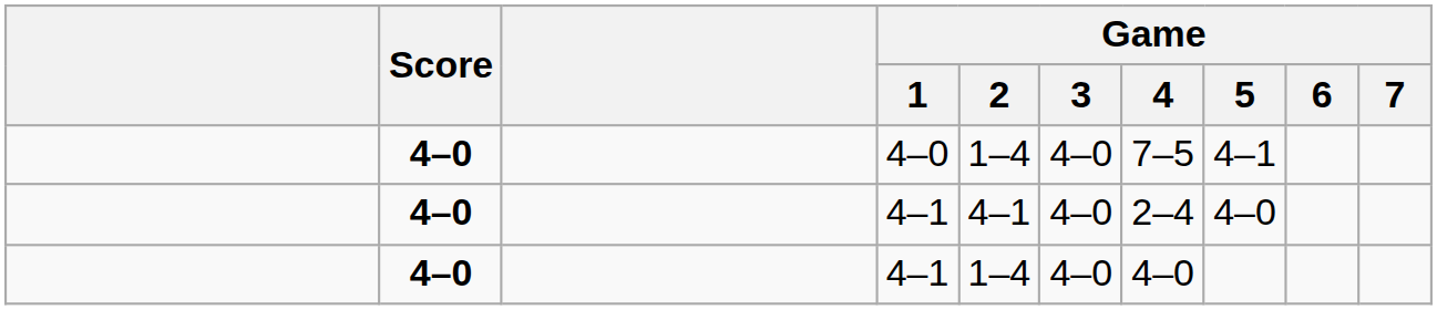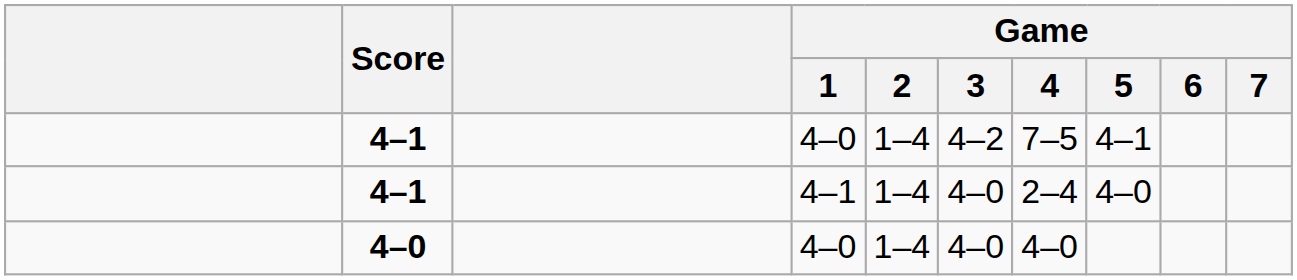 <table class="wikitable" style="text-align: center;">
 <tr>
 <th rowspan=2 align="right" width="270"></th>
 <th rowspan=2 width="45">Score</th>
 <th rowspan=2 align="left" width="270"></th>
 <th colspan=7>Game</th>
 </tr>
 <tr>
 <th width="35">1</th>
 <th width="35">2</th>
 <th width="35">3</th>
 <th width="35">4</th>
 <th width="35">5</th>
 <th width="35">6</th>
 <th width="35">7</th>
 </tr>
 <tr>
 <td align=left><strong></strong></td>
-<td align=center><strong>4–0</strong></td>
+<td align=center><strong>4–1</strong></td>
 <td align=left></td>
 <td>4–0</td>
 <td>1–4</td>
-<td>4–0</td>
+<td>4–2</td>
 <td>7–5</td>
 <td>4–1</td>
 <td></td>
 <td></td>
 </tr>
 <tr>
 <td align=left><strong></strong></td>
-<td align=center><strong>4–0</strong></td>
+<td align=center><strong>4–1</strong></td>
 <td align=left></td>
 <td>4–1</td>
-<td>4–1</td>
+<td>1–4</td>
 <td>4–0</td>
 <td>2–4</td>
 <td>4–0</td>
 <td></td>
 <td></td>
 </tr>
 <tr>
 <td align=left><strong></strong></td>
 <td align=center><strong>4–0</strong></td>
 <td align=left></td>
-<td>4–1</td>
+<td>4–0</td>
 <td>1–4</td>
 <td>4–0</td>
 <td>4–0</td>
 <td></td>
 <td></td>
 <td></td>
 </tr>
 </table>
